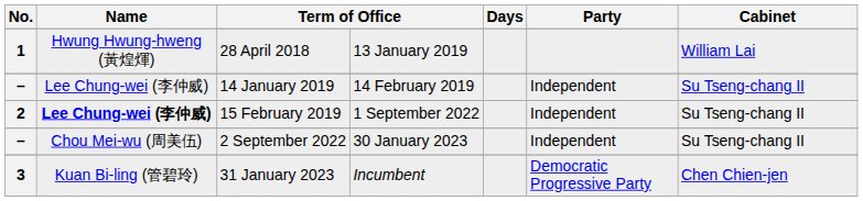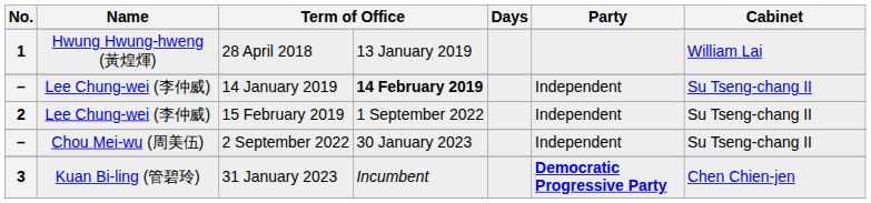 <table class="wikitable">
 <tr ->
 <th>No.</th>
 <th width="180">Name</th>
 <th colspan=2 width="180">Term of Office</th>
 <th>Days</th>
 <th width="150">Party</th>
 <th width="180">Cabinet</th>
 </tr>
 <tr ->
 </tr>
 <tr - bgcolor=#EEEEEE>
 <th style="background:">1</th>
 <td align=center><a href='#'>Hwung Hwung-hweng</a> (黃煌煇)</td>
 <td>28 April 2018</td>
 <td>13 January 2019</td>
 <td></td>
 <td></td>
 <td><a href='#'>William Lai</a></td>
 </tr>
 <tr ->
 </tr>
 <tr - bgcolor=#EEEEEE>
 <th style="background:">–</th>
 <td align=center><a href='#'>Lee Chung-wei</a> (李仲威)</td>
 <td>14 January 2019</td>
-<td>14 February 2019</td>
+<td><strong>14 February 2019</strong></td>
 <td></td>
 <td>Independent</td>
 <td><a href='#'>Su Tseng-chang II</a></td>
 </tr>
 <tr ->
 </tr>
 <tr - bgcolor=#EEEEEE>
 <th style="background:">2</th>
-<td align=center><strong><a href='#'>Lee Chung-wei</a> (李仲威)</strong></td>
+<td align=center><a href='#'>Lee Chung-wei</a> (李仲威)</td>
 <td>15 February 2019</td>
 <td>1 September 2022</td>
 <td></td>
 <td>Independent</td>
 <td>Su Tseng-chang II</td>
 </tr>
 <tr ->
 </tr>
 <tr - bgcolor=#EEEEEE>
 <th style="background:">–</th>
 <td align=center><a href='#'>Chou Mei-wu</a> (周美伍)</td>
 <td>2 September 2022</td>
 <td>30 January 2023</td>
 <td></td>
 <td>Independent</td>
 <td>Su Tseng-chang II</td>
 </tr>
 <tr ->
 </tr>
 <tr - bgcolor=#EEEEEE>
 <th style="background:">3</th>
 <td align=center><a href='#'>Kuan Bi-ling</a> (管碧玲)</td>
 <td>31 January 2023</td>
 <td><em>Incumbent</em></td>
 <td></td>
-<td><a href='#'>Democratic Progressive Party</a></td>
+<td><strong><a href='#'>Democratic Progressive Party</a></strong></td>
 <td><a href='#'>Chen Chien-jen</a></td>
 </tr>
 <tr ->
 </tr>
 </table>
